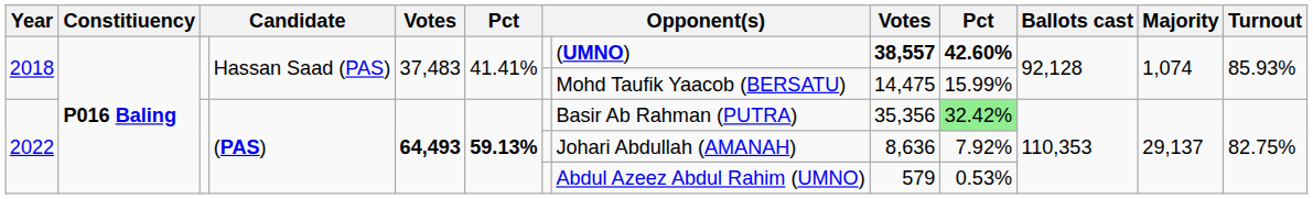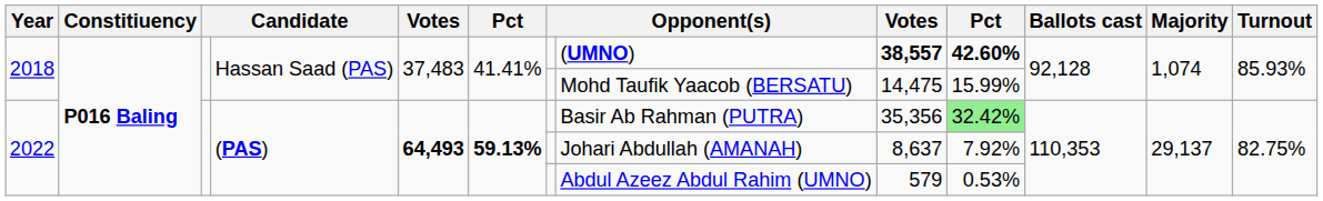 <table class="wikitable" style="margin:0.5em ; font-size:95%">
 <tr>
 <th>Year</th>
 <th>Constitiuency</th>
 <th colspan=2>Candidate</th>
 <th>Votes</th>
 <th>Pct</th>
 <th colspan=2>Opponent(s)</th>
 <th>Votes</th>
 <th>Pct</th>
 <th>Ballots cast</th>
 <th>Majority</th>
 <th>Turnout</th>
 </tr>
 <tr>
 <td rowspan=2><a href='#'>2018</a></td>
 <td rowspan=5><strong>P016 <a href='#'>Baling</a></strong></td>
 <td rowspan=2 ></td>
 <td rowspan=2>Hassan Saad (<a href='#'>PAS</a>)</td>
 <td rowspan=2 align=right>37,483</td>
 <td rowspan=2>41.41%</td>
 <td></td>
 <td> (<a href='#'><strong>UMNO</strong></a>)</td>
 <td align=right><strong>38,557</strong></td>
 <td><strong>42.60%</strong></td>
 <td rowspan=2>92,128</td>
 <td rowspan=2>1,074</td>
 <td rowspan=2>85.93%</td>
 </tr>
 <tr>
 <td></td>
 <td>Mohd Taufik Yaacob (<a href='#'>BERSATU</a>)</td>
 <td align=right>14,475</td>
 <td>15.99%</td>
 </tr>
 <tr>
 <td rowspan=3><a href='#'>2022</a></td>
 <td rowspan=3 bgcolor=></td>
 <td rowspan=3> (<a href='#'><strong>PAS</strong></a>)</td>
 <td rowspan=3 align=right><strong>64,493</strong></td>
 <td rowspan=3><strong>59.13%</strong></td>
 <td></td>
 <td>Basir Ab Rahman (<a href='#'>PUTRA</a>)</td>
 <td align=right>35,356</td>
 <td style="background: lightgreen;">32.42%</td>
 <td rowspan=3>110,353</td>
 <td rowspan=3>29,137</td>
 <td rowspan=3>82.75%</td>
 </tr>
 <tr>
 <td></td>
 <td>Johari Abdullah (<a href='#'>AMANAH</a>)</td>
-<td align=right>8,636</td>
+<td align=right>8,637</td>
 <td align=right>7.92%</td>
 </tr>
 <tr>
 <td bgcolor=></td>
 <td><a href='#'>Abdul Azeez Abdul Rahim</a> (<a href='#'>UMNO</a>)</td>
 <td align=right>579</td>
 <td align=right>0.53%</td>
 </tr>
 </table>
